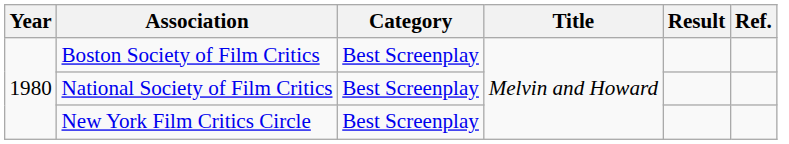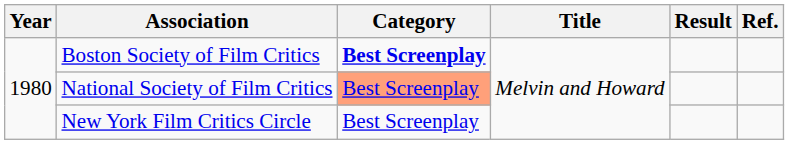 <table class="wikitable">
 <tr>
 <th>Year</th>
 <th>Association</th>
 <th>Category</th>
 <th>Title</th>
 <th>Result</th>
 <th>Ref.</th>
 </tr>
 <tr>
 <td rowspan=3>1980</td>
 <td><a href='#'>Boston Society of Film Critics</a></td>
-<td><a href='#'>Best Screenplay</a></td>
+<td><strong><a href='#'>Best Screenplay</a></strong></td>
 <td rowspan=3><em>Melvin and Howard</em></td>
 <td></td>
 <td></td>
 </tr>
 <tr>
 <td><a href='#'>National Society of Film Critics</a></td>
-<td><a href='#'>Best Screenplay</a></td>
+<td style="background: lightsalmon;"><a href='#'>Best Screenplay</a></td>
 <td></td>
 <td></td>
 </tr>
 <tr>
 <td><a href='#'>New York Film Critics Circle</a></td>
 <td><a href='#'>Best Screenplay</a></td>
 <td></td>
 <td></td>
 </tr>
 </table>
